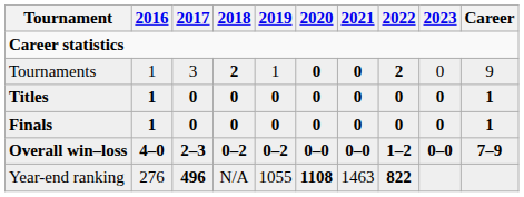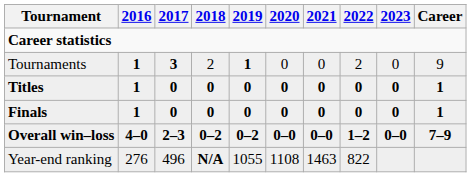 <table class="wikitable" style="text-align:center">
 <tr>
 <th>Tournament</th>
 <th><a href='#'>2016</a></th>
 <th><a href='#'>2017</a></th>
 <th><a href='#'>2018</a></th>
 <th><a href='#'>2019</a></th>
 <th><a href='#'>2020</a></th>
 <th><a href='#'>2021</a></th>
 <th><a href='#'>2022</a></th>
 <th><a href='#'>2023</a></th>
 <th>Career</th>
 </tr>
 <tr>
 <td colspan="10" align="left"><strong>Career statistics</strong></td>
 </tr>
 <tr style="background:#EFEFEF">
 <td align=left>Tournaments</td>
-<td>1</td>
-<td>3</td>
-<td><strong>2</strong></td>
-<td>1</td>
-<td><strong>0</strong></td>
-<td><strong>0</strong></td>
-<td><strong>2</strong></td>
+<td><strong>1</strong></td>
+<td><strong>3</strong></td>
+<td>2</td>
+<td><strong>1</strong></td>
+<td>0</td>
+<td>0</td>
+<td>2</td>
 <td>0</td>
 <td>9</td>
 </tr>
 <tr style="font-weight:bold;background:#EFEFEF;">
 <td style=text-align:left>Titles</td>
 <td>1</td>
 <td>0</td>
 <td>0</td>
 <td>0</td>
 <td>0</td>
 <td>0</td>
 <td>0</td>
 <td>0</td>
 <td>1</td>
 </tr>
 <tr style="font-weight:bold;background:#EFEFEF;">
 <td style=text-align:left>Finals</td>
 <td>1</td>
 <td>0</td>
 <td>0</td>
 <td>0</td>
 <td>0</td>
 <td>0</td>
 <td>0</td>
 <td>0</td>
 <td>1</td>
 </tr>
 <tr style="font-weight:bold;background:#EFEFEF;">
 <td style=text-align:left>Overall win–loss</td>
 <td>4–0</td>
 <td>2–3</td>
 <td>0–2</td>
 <td>0–2</td>
 <td>0–0</td>
 <td>0–0</td>
 <td>1–2</td>
 <td>0–0</td>
 <td>7–9</td>
 </tr>
 <tr style="background:#EFEFEF">
 <td align=left>Year-end ranking</td>
 <td>276</td>
-<td><strong>496</strong></td>
-<td>N/A</td>
+<td>496</td>
+<td><strong>N/A</strong></td>
 <td>1055</td>
-<td><strong>1108</strong></td>
+<td>1108</td>
 <td>1463</td>
-<td><strong>822</strong></td>
+<td>822</td>
 <td></td>
 <td><strong></strong></td>
 </tr>
 </table>
